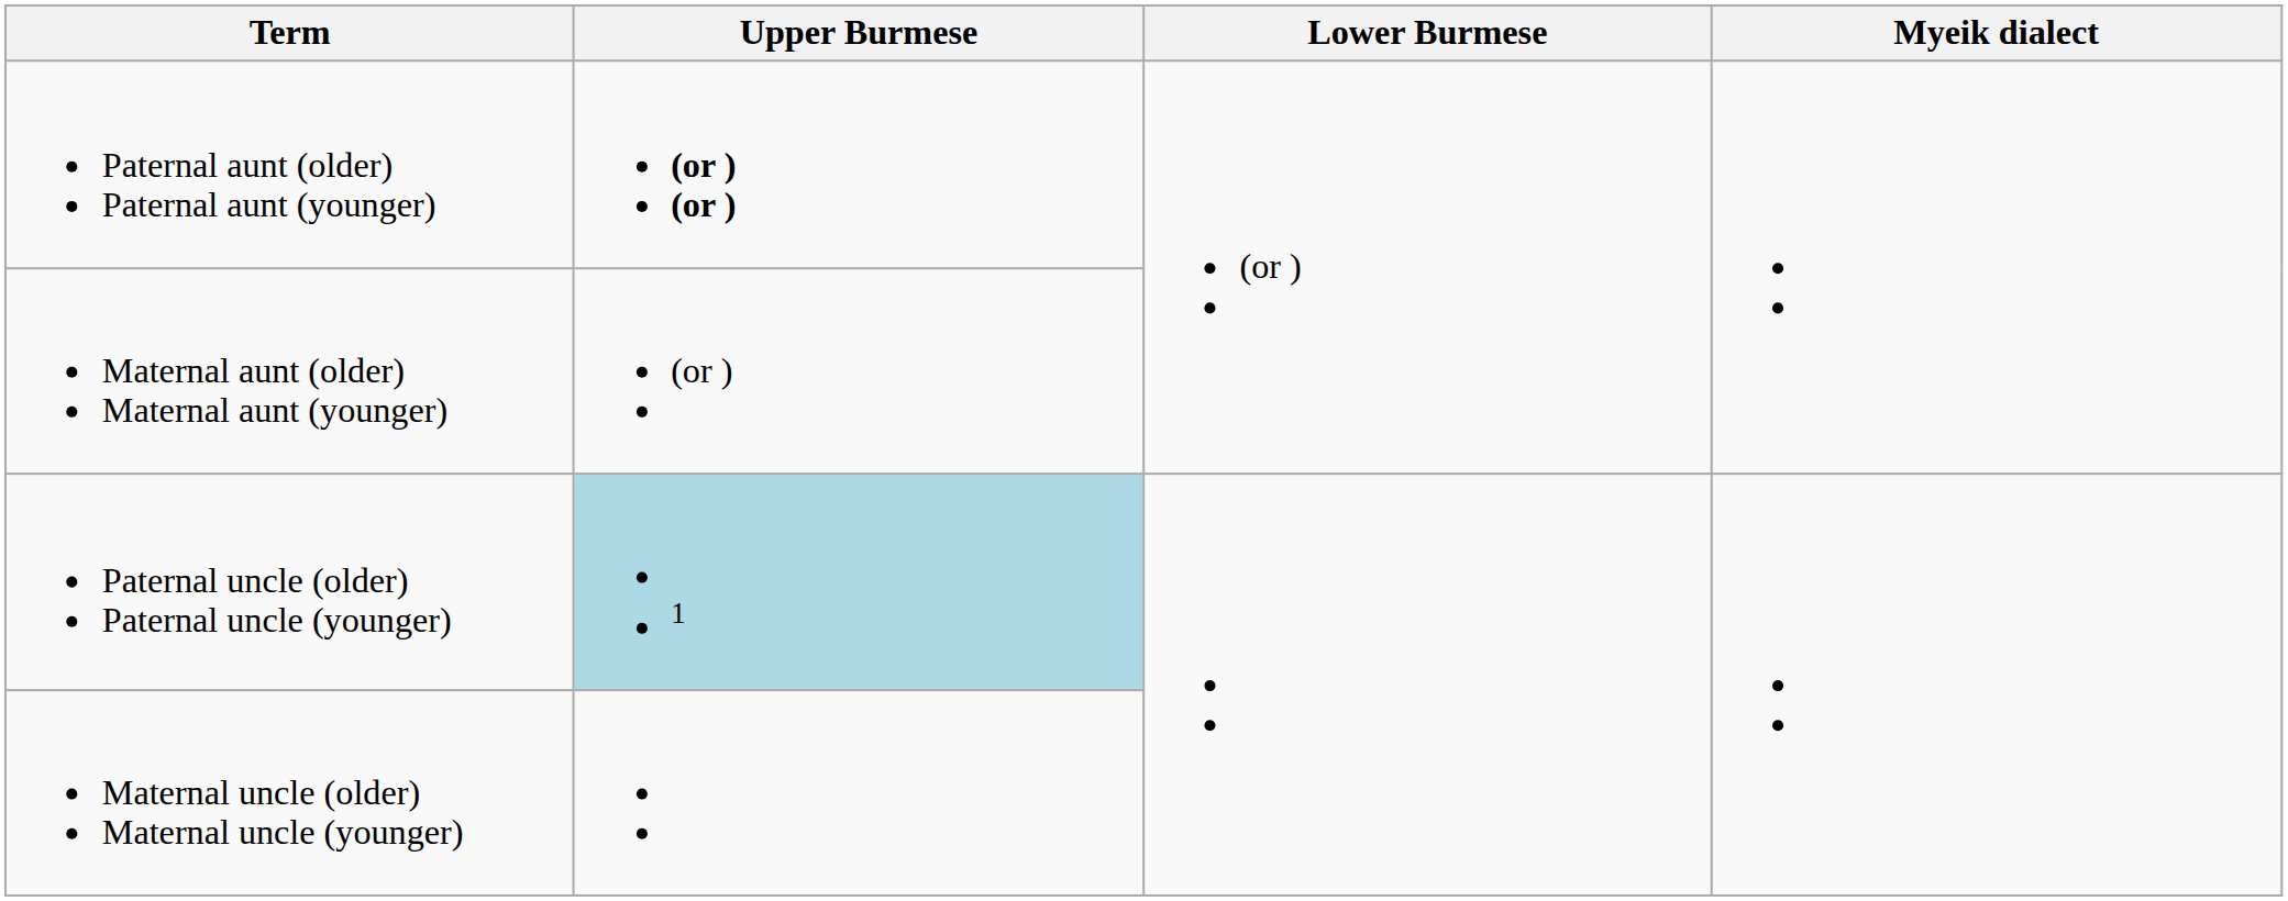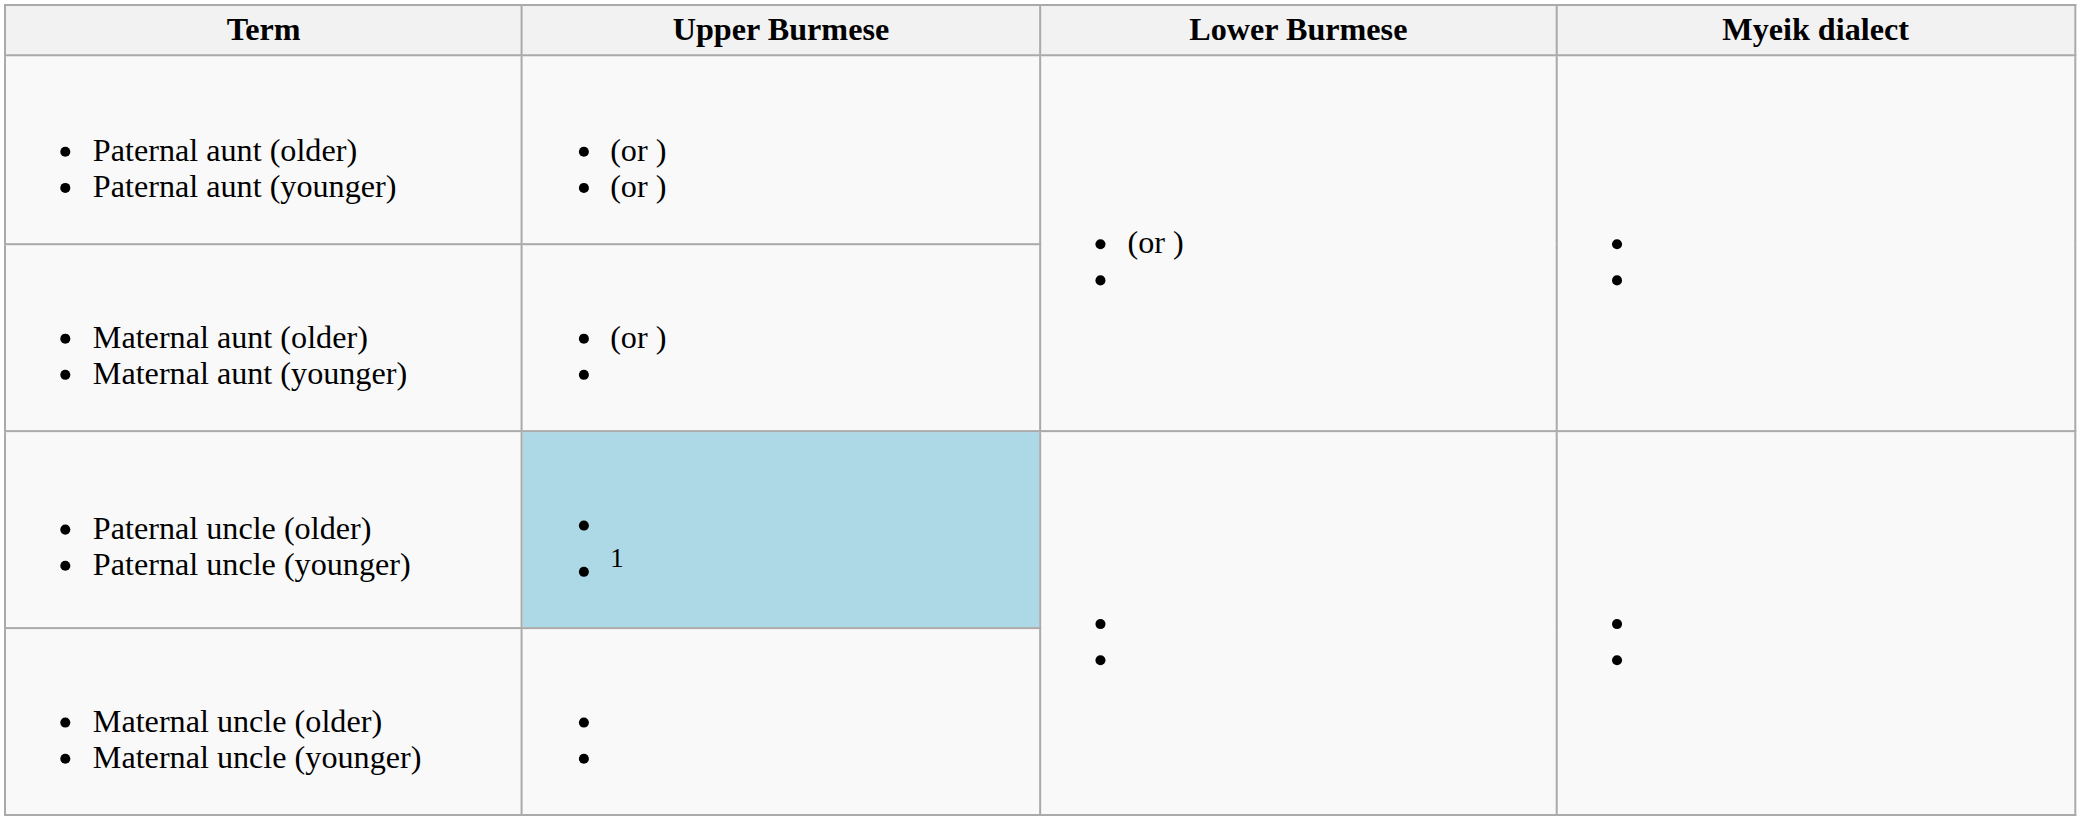 <table class="wikitable">
 <tr>
 <th width="250">Term</th>
 <th width="250">Upper Burmese</th>
 <th width="250">Lower Burmese</th>
 <th width="250">Myeik dialect</th>
 </tr>
 <tr>
 <td><br><ul><li>Paternal aunt (older)</li><li>Paternal aunt (younger)</li></ul></td>
-<td><strong><br><ul><li>  (or )</li><li>  (or )</li></ul></strong></td>
+<td><br><ul><li>  (or )</li><li>  (or )</li></ul></td>
 <td rowspan=2><br><ul><li>  (or )</li><li> </li></ul></td>
 <td rowspan=2><br><ul><li> </li><li> </li></ul></td>
 </tr>
 <tr>
 <td><br><ul><li>Maternal aunt (older)</li><li>Maternal aunt (younger)</li></ul></td>
 <td><br><ul><li>  (or )</li><li> </li></ul></td>
 </tr>
 <tr>
 <td><br><ul><li>Paternal uncle (older)</li><li>Paternal uncle (younger)</li></ul></td>
 <td style="background: lightblue;"><br><ul><li> </li><li> <sup>1</sup></li></ul></td>
 <td rowspan=2><br><ul><li> </li><li> </li></ul></td>
 <td rowspan=2><br><ul><li> </li><li> </li></ul></td>
 </tr>
 <tr>
 <td><br><ul><li>Maternal uncle (older)</li><li>Maternal uncle (younger)</li></ul></td>
 <td><br><ul><li> </li><li> </li></ul></td>
 </tr>
 </table>
